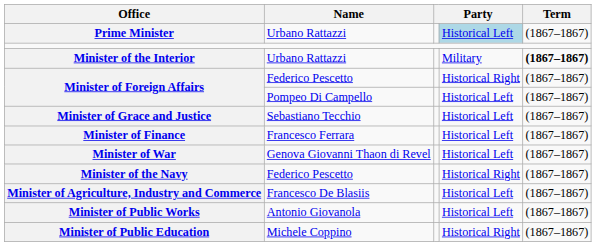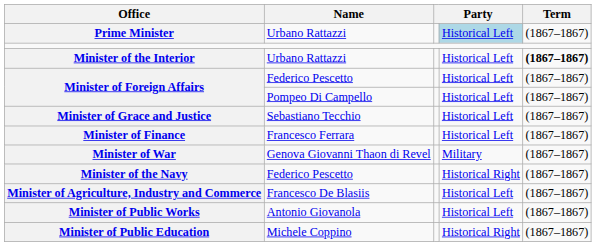 <table class="wikitable" style="font-size: 100%;">
 <tr>
 <th>Office</th>
 <th>Name</th>
 <th colspan=2>Party</th>
 <th>Term</th>
 </tr>
 <tr>
 <th><a href='#'>Prime Minister</a></th>
 <td><a href='#'>Urbano Rattazzi</a></td>
 <td style="color:inherit;background:"></td>
 <td style="background: lightblue;"><a href='#'>Historical Left</a></td>
 <td>(1867–1867)</td>
 </tr>
 <tr>
 <td colspan=5></td>
 </tr>
 <tr>
 <th><a href='#'>Minister of the Interior</a></th>
 <td><a href='#'>Urbano Rattazzi</a></td>
 <td style="color:inherit;background:"></td>
-<td><a href='#'>Military</a></td>
+<td><a href='#'>Historical Left</a></td>
 <td><strong>(1867–1867)</strong></td>
 </tr>
 <tr>
 <th rowspan=2><a href='#'>Minister of Foreign Affairs</a></th>
 <td><a href='#'>Federico Pescetto</a></td>
 <td style="color:inherit;background:"></td>
-<td><a href='#'>Historical Right</a></td>
+<td><a href='#'>Historical Left</a></td>
 <td>(1867–1867)</td>
 </tr>
 <tr>
 <td><a href='#'>Pompeo Di Campello</a></td>
 <td style="color:inherit;background:"></td>
 <td><a href='#'>Historical Left</a></td>
 <td>(1867–1867)</td>
 </tr>
 <tr>
 <th><a href='#'>Minister of Grace and Justice</a></th>
 <td><a href='#'>Sebastiano Tecchio</a></td>
 <td style="color:inherit;background:"></td>
 <td><a href='#'>Historical Left</a></td>
 <td>(1867–1867)</td>
 </tr>
 <tr>
 <th><a href='#'>Minister of Finance</a></th>
 <td><a href='#'>Francesco Ferrara</a></td>
 <td style="color:inherit;background:"></td>
 <td><a href='#'>Historical Left</a></td>
 <td>(1867–1867)</td>
 </tr>
 <tr>
 <th><a href='#'>Minister of War</a></th>
 <td><a href='#'>Genova Giovanni Thaon di Revel</a></td>
 <td style="color:inherit;background:"></td>
-<td><a href='#'>Historical Left</a></td>
+<td><a href='#'>Military</a></td>
 <td>(1867–1867)</td>
 </tr>
 <tr>
 <th><a href='#'>Minister of the Navy</a></th>
 <td><a href='#'>Federico Pescetto</a></td>
 <td style="color:inherit;background:"></td>
 <td><a href='#'>Historical Right</a></td>
 <td>(1867–1867)</td>
 </tr>
 <tr>
 <th><a href='#'>Minister of Agriculture, Industry and Commerce</a></th>
 <td><a href='#'>Francesco De Blasiis</a></td>
 <td style="color:inherit;background:"></td>
 <td><a href='#'>Historical Left</a></td>
 <td>(1867–1867)</td>
 </tr>
 <tr>
 <th><a href='#'>Minister of Public Works</a></th>
 <td><a href='#'>Antonio Giovanola</a></td>
 <td style="color:inherit;background:"></td>
 <td><a href='#'>Historical Left</a></td>
 <td>(1867–1867)</td>
 </tr>
 <tr>
 <th><a href='#'>Minister of Public Education</a></th>
 <td><a href='#'>Michele Coppino</a></td>
 <td style="color:inherit;background:"></td>
 <td><a href='#'>Historical Right</a></td>
 <td>(1867–1867)</td>
 </tr>
 </table>
